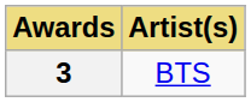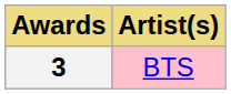 <table class="wikitable" style="text-align:center">
 <tr>
 <th scope="col" style="background:#EEDD82">Awards</th>
 <th scope="col" style="background:#EEDD82">Artist(s)</th>
 </tr>
 <tr>
 <th scope="col">3</th>
-<td><a href='#'>BTS</a></td>
+<td style="background: pink;"><a href='#'>BTS</a></td>
 </tr>
 </table>
